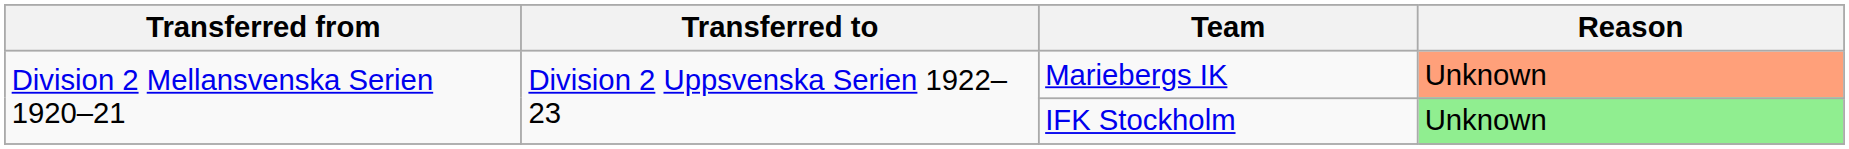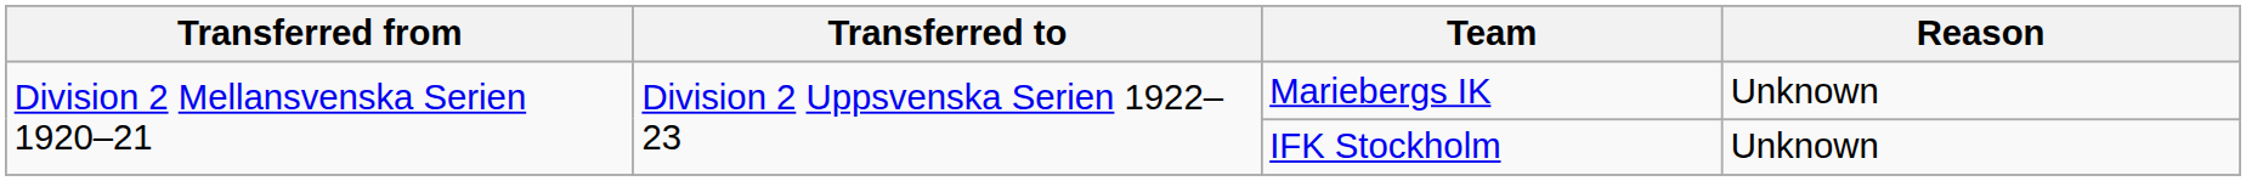 <table class="wikitable" style="text-align: left;">
 <tr>
 <th style="width: 275px;">Transferred from</th>
 <th style="width: 275px;">Transferred to</th>
 <th style="width: 200px;">Team</th>
 <th style="width: 225px;">Reason</th>
 </tr>
 <tr>
 <td rowspan=2><a href='#'>Division 2</a> <a href='#'>Mellansvenska Serien</a> 1920–21</td>
 <td rowspan=2><a href='#'>Division 2</a> <a href='#'>Uppsvenska Serien</a> 1922–23</td>
 <td><a href='#'>Mariebergs IK</a></td>
-<td style="background: lightsalmon;">Unknown</td>
+<td>Unknown</td>
 </tr>
 <tr>
 <td><a href='#'>IFK Stockholm</a></td>
-<td style="background: lightgreen;">Unknown</td>
+<td>Unknown</td>
 </tr>
 </table>
